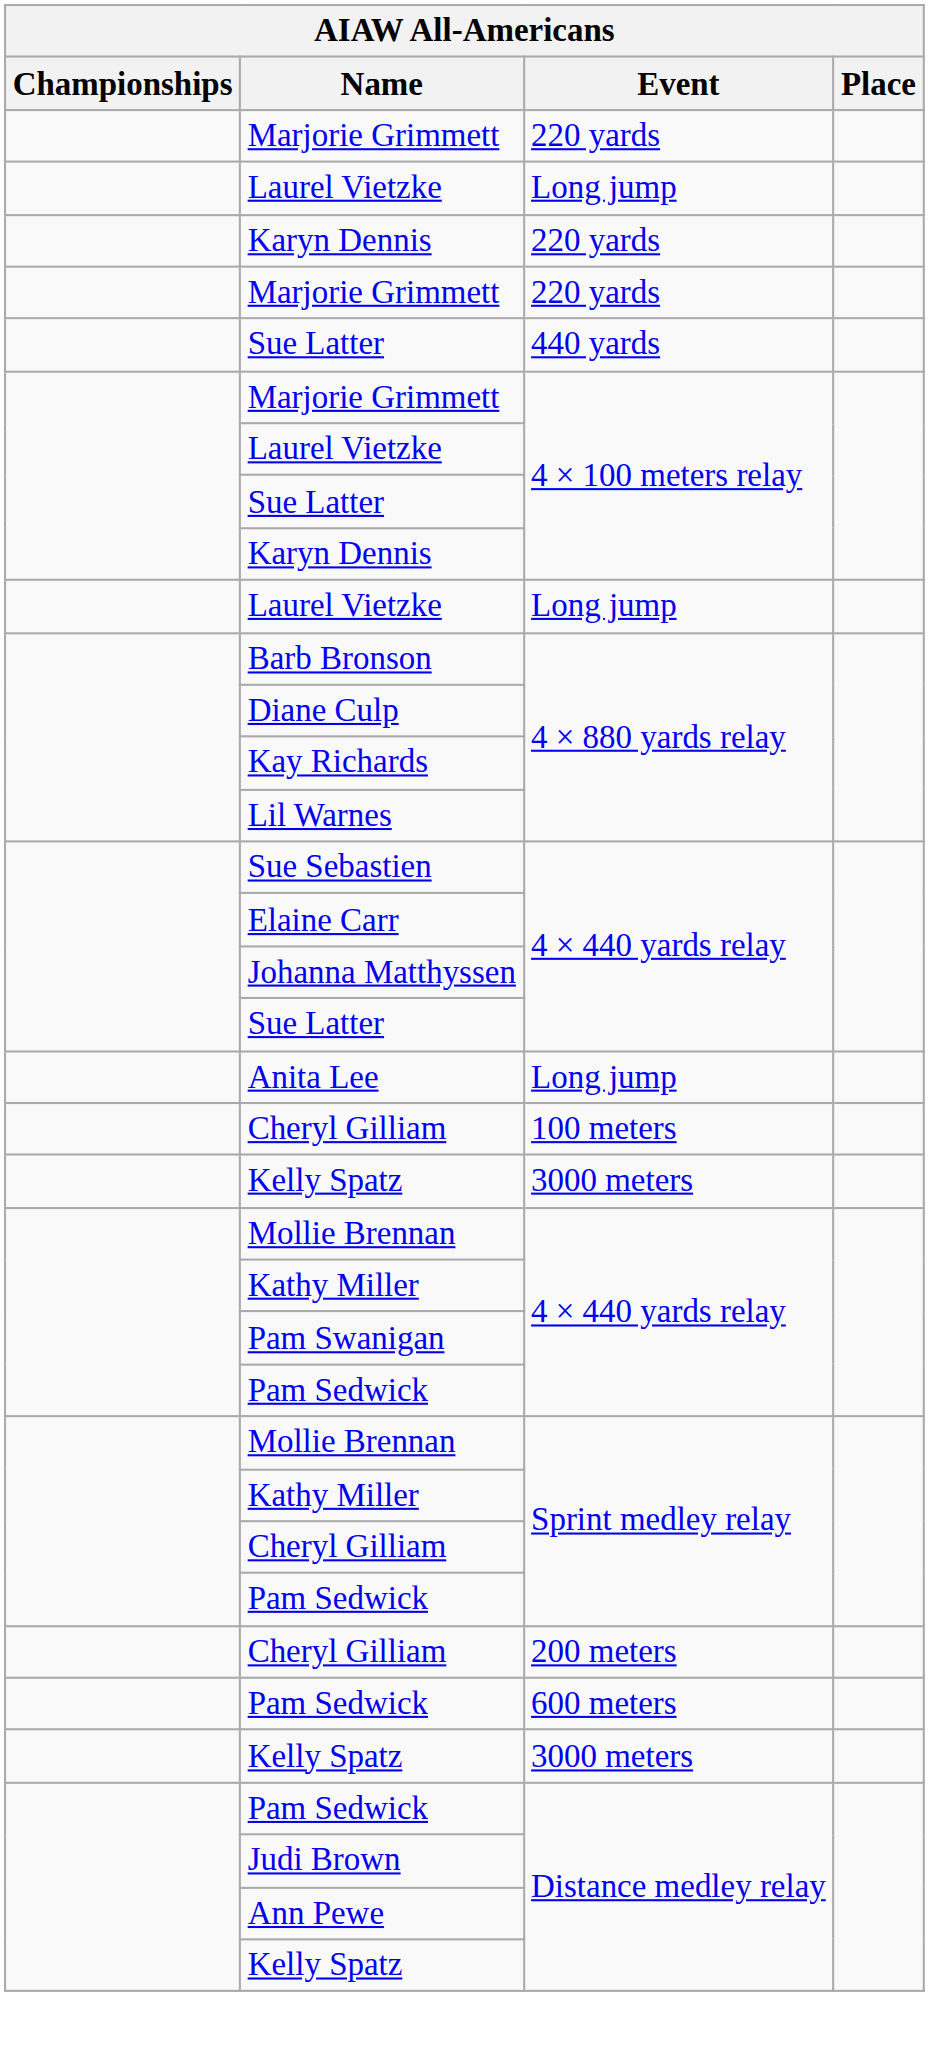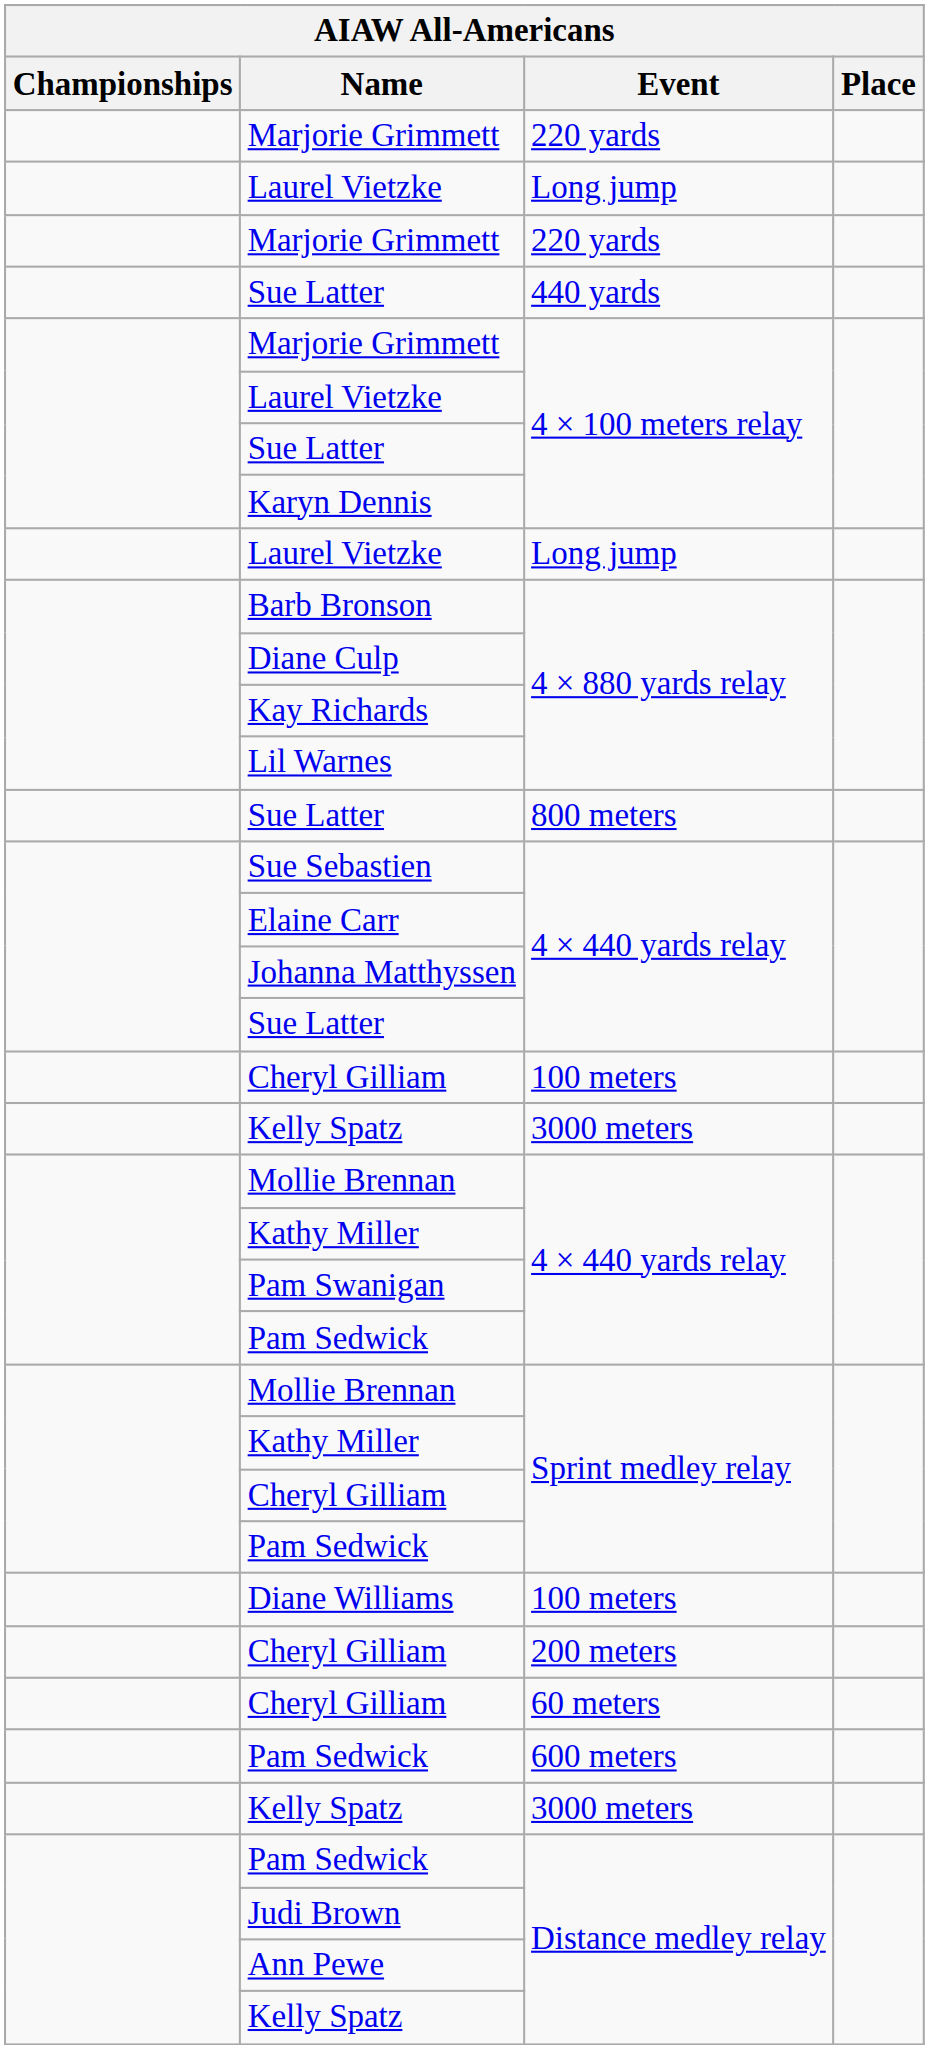 <table class="wikitable sortable">
 <tr>
 <th colspan="4">AIAW All-Americans</th>
 </tr>
 <tr>
 <th scope="col">Championships</th>
 <th scope="col">Name</th>
 <th scope="col">Event</th>
 <th scope="col">Place</th>
 </tr>
 <tr>
 <td></td>
 <td><a href='#'>Marjorie Grimmett</a></td>
 <td><a href='#'>220 yards</a></td>
 <td></td>
 </tr>
 <tr>
 <td></td>
 <td><a href='#'>Laurel Vietzke</a></td>
 <td><a href='#'>Long jump</a></td>
-<td></td>
-</tr>
-<tr>
-<td></td>
-<td><a href='#'>Karyn Dennis</a></td>
-<td><a href='#'>220 yards</a></td>
 <td></td>
 </tr>
 <tr>
 <td></td>
 <td><a href='#'>Marjorie Grimmett</a></td>
 <td><a href='#'>220 yards</a></td>
 <td></td>
 </tr>
 <tr>
 <td></td>
 <td><a href='#'>Sue Latter</a></td>
 <td><a href='#'>440 yards</a></td>
 <td></td>
 </tr>
 <tr>
 <td rowspan=4></td>
 <td><a href='#'>Marjorie Grimmett</a></td>
 <td rowspan=4><a href='#'>4 × 100 meters relay</a></td>
 <td rowspan=4></td>
 </tr>
 <tr>
 <td><a href='#'>Laurel Vietzke</a></td>
 </tr>
 <tr>
 <td><a href='#'>Sue Latter</a></td>
 </tr>
 <tr>
 <td><a href='#'>Karyn Dennis</a></td>
 </tr>
 <tr>
 <td></td>
 <td><a href='#'>Laurel Vietzke</a></td>
 <td><a href='#'>Long jump</a></td>
 <td></td>
 </tr>
 <tr>
 <td rowspan=4></td>
 <td><a href='#'>Barb Bronson</a></td>
 <td rowspan=4><a href='#'>4 × 880 yards relay</a></td>
 <td rowspan=4></td>
 </tr>
 <tr>
 <td><a href='#'>Diane Culp</a></td>
 </tr>
 <tr>
 <td><a href='#'>Kay Richards</a></td>
 </tr>
 <tr>
 <td><a href='#'>Lil Warnes</a></td>
 </tr>
 <tr>
+<td></td>
+<td><a href='#'>Sue Latter</a></td>
+<td><a href='#'>800 meters</a></td>
+<td></td>
+</tr>
+<tr>
 <td rowspan=4></td>
 <td><a href='#'>Sue Sebastien</a></td>
 <td rowspan=4><a href='#'>4 × 440 yards relay</a></td>
 <td rowspan=4></td>
 </tr>
 <tr>
 <td><a href='#'>Elaine Carr</a></td>
 </tr>
 <tr>
 <td><a href='#'>Johanna Matthyssen</a></td>
 </tr>
 <tr>
 <td><a href='#'>Sue Latter</a></td>
-</tr>
-<tr>
-<td></td>
-<td><a href='#'>Anita Lee</a></td>
-<td><a href='#'>Long jump</a></td>
-<td></td>
 </tr>
 <tr>
 <td></td>
 <td><a href='#'>Cheryl Gilliam</a></td>
 <td><a href='#'>100 meters</a></td>
 <td></td>
 </tr>
 <tr>
 <td></td>
 <td><a href='#'>Kelly Spatz</a></td>
 <td><a href='#'>3000 meters</a></td>
 <td></td>
 </tr>
 <tr>
 <td rowspan=4></td>
 <td><a href='#'>Mollie Brennan</a></td>
 <td rowspan=4><a href='#'>4 × 440 yards relay</a></td>
 <td rowspan=4></td>
 </tr>
 <tr>
 <td><a href='#'>Kathy Miller</a></td>
 </tr>
 <tr>
 <td><a href='#'>Pam Swanigan</a></td>
 </tr>
 <tr>
 <td><a href='#'>Pam Sedwick</a></td>
 </tr>
 <tr>
 <td rowspan=4></td>
 <td><a href='#'>Mollie Brennan</a></td>
 <td rowspan=4><a href='#'>Sprint medley relay</a></td>
 <td rowspan=4></td>
 </tr>
 <tr>
 <td><a href='#'>Kathy Miller</a></td>
 </tr>
 <tr>
 <td><a href='#'>Cheryl Gilliam</a></td>
 </tr>
 <tr>
 <td><a href='#'>Pam Sedwick</a></td>
 </tr>
 <tr>
 <td></td>
+<td><a href='#'>Diane Williams</a></td>
+<td><a href='#'>100 meters</a></td>
+<td></td>
+</tr>
+<tr>
+<td></td>
 <td><a href='#'>Cheryl Gilliam</a></td>
 <td><a href='#'>200 meters</a></td>
+<td></td>
+</tr>
+<tr>
+<td></td>
+<td><a href='#'>Cheryl Gilliam</a></td>
+<td><a href='#'>60 meters</a></td>
 <td></td>
 </tr>
 <tr>
 <td></td>
 <td><a href='#'>Pam Sedwick</a></td>
 <td><a href='#'>600 meters</a></td>
 <td></td>
 </tr>
 <tr>
 <td></td>
 <td><a href='#'>Kelly Spatz</a></td>
 <td><a href='#'>3000 meters</a></td>
 <td></td>
 </tr>
 <tr>
 <td rowspan=4></td>
 <td><a href='#'>Pam Sedwick</a></td>
 <td rowspan=4><a href='#'>Distance medley relay</a></td>
 <td rowspan=4></td>
 </tr>
 <tr>
 <td><a href='#'>Judi Brown</a></td>
 </tr>
 <tr>
 <td><a href='#'>Ann Pewe</a></td>
 </tr>
 <tr>
 <td><a href='#'>Kelly Spatz</a></td>
 </tr>
 </table>
